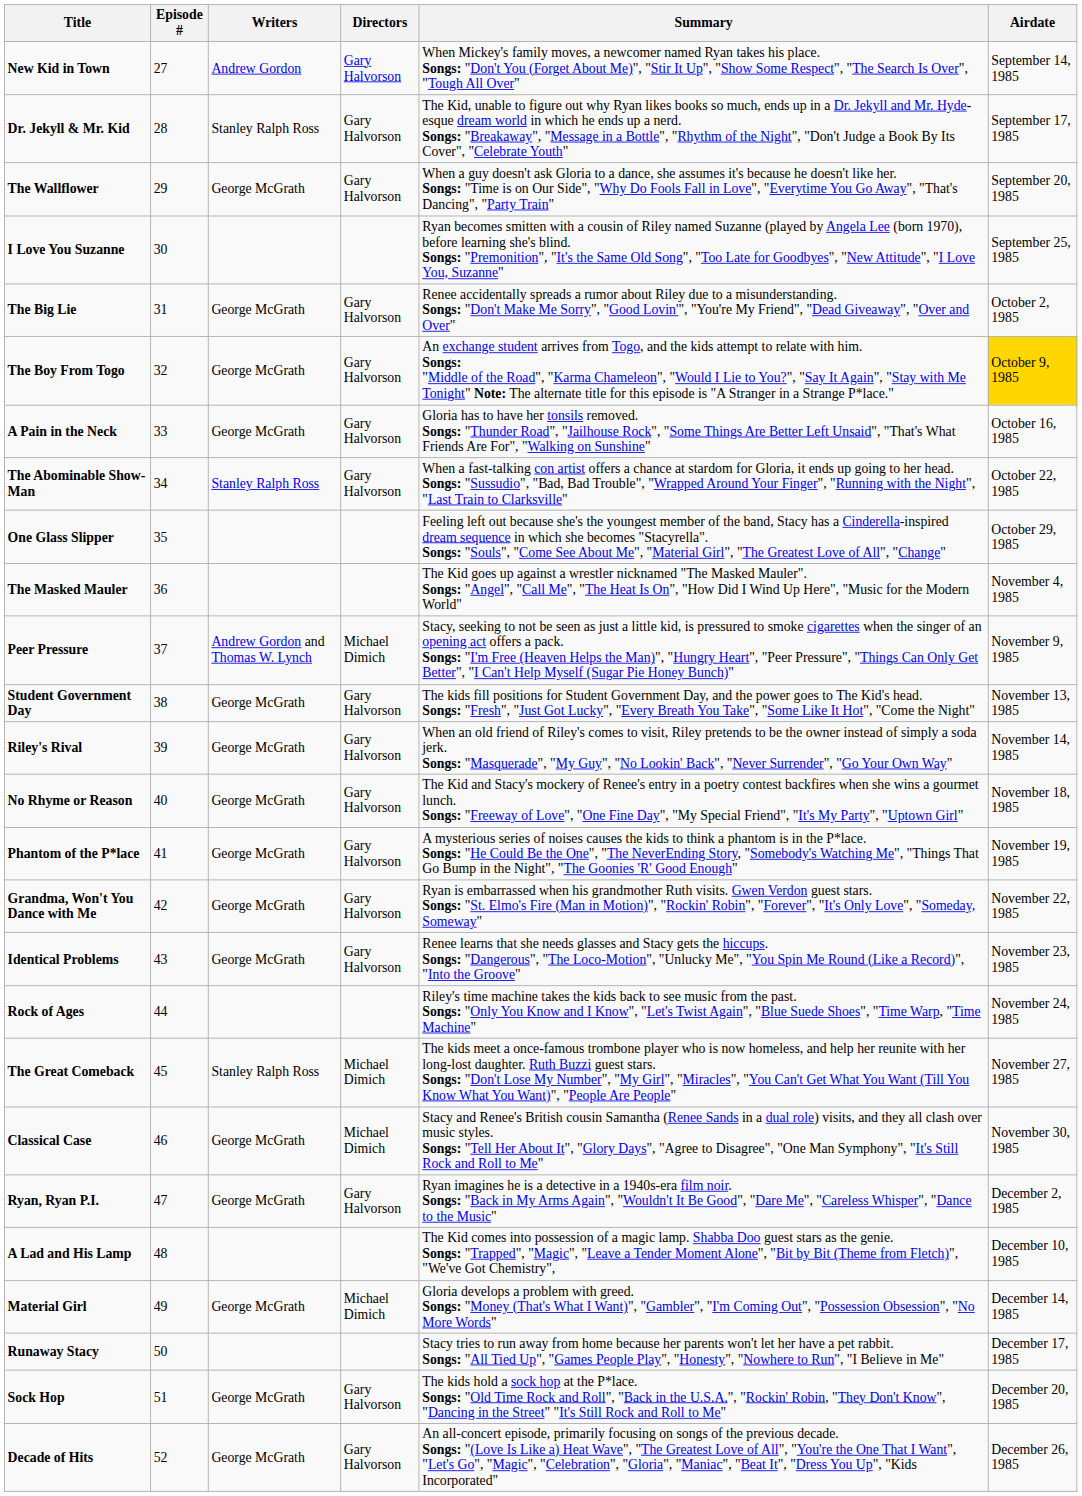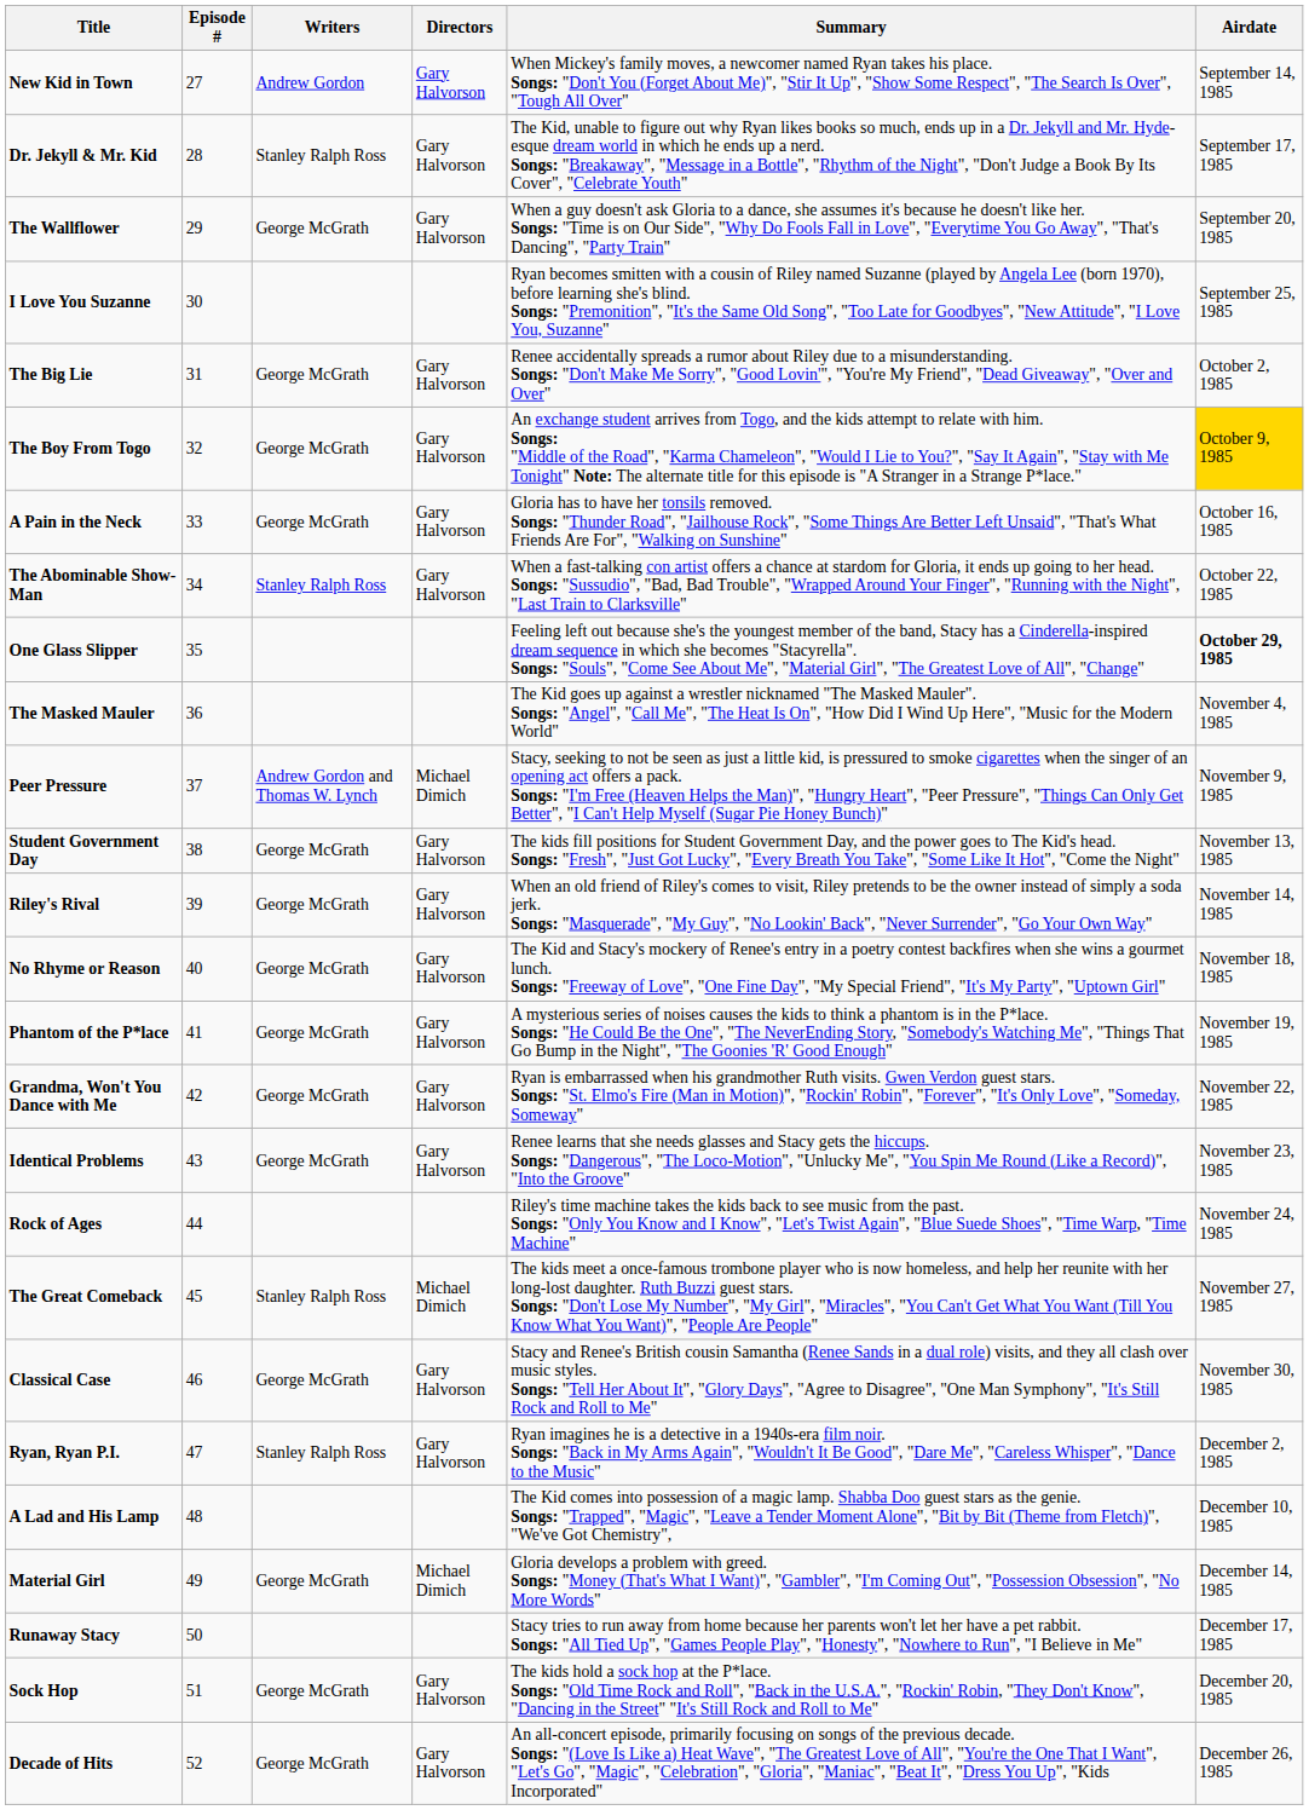 <table class="wikitable">
 <tr>
 <th>Title</th>
 <th>Episode #</th>
 <th>Writers</th>
 <th>Directors</th>
 <th>Summary</th>
 <th>Airdate</th>
 </tr>
 <tr>
 <td><strong>New Kid in Town</strong></td>
 <td>27</td>
 <td><a href='#'>Andrew Gordon</a></td>
 <td><a href='#'>Gary Halvorson</a></td>
 <td>When Mickey's family moves, a newcomer named Ryan takes his place.<br><strong>Songs:</strong> "<a href='#'>Don't You (Forget About Me)</a>", "<a href='#'>Stir It Up</a>", "<a href='#'>Show Some Respect</a>", "<a href='#'>The Search Is Over</a>", "<a href='#'>Tough All Over</a>"</td>
 <td>September 14, 1985</td>
 </tr>
 <tr>
 <td><strong>Dr. Jekyll & Mr. Kid</strong></td>
 <td>28</td>
 <td>Stanley Ralph Ross</td>
 <td>Gary Halvorson</td>
 <td>The Kid, unable to figure out why Ryan likes books so much, ends up in a <a href='#'>Dr. Jekyll and Mr. Hyde</a>-esque <a href='#'>dream world</a> in which he ends up a nerd.<br><strong>Songs:</strong> "<a href='#'>Breakaway</a>", "<a href='#'>Message in a Bottle</a>", "<a href='#'>Rhythm of the Night</a>", "Don't Judge a Book By Its Cover", "<a href='#'>Celebrate Youth</a>"</td>
 <td>September 17, 1985</td>
 </tr>
 <tr>
 <td><strong>The Wallflower</strong></td>
 <td>29</td>
 <td>George McGrath</td>
 <td>Gary Halvorson</td>
 <td>When a guy doesn't ask Gloria to a dance, she assumes it's because he doesn't like her.<br><strong>Songs:</strong> "Time is on Our Side", "<a href='#'>Why Do Fools Fall in Love</a>", "<a href='#'>Everytime You Go Away</a>", "That's Dancing", "<a href='#'>Party Train</a>"</td>
 <td>September 20, 1985</td>
 </tr>
 <tr>
 <td><strong>I Love You Suzanne</strong></td>
 <td>30</td>
 <td></td>
 <td></td>
 <td>Ryan becomes smitten with a cousin of Riley named Suzanne (played by <a href='#'>Angela Lee</a> (born 1970), before learning she's blind.<br><strong>Songs:</strong> "<a href='#'>Premonition</a>", "<a href='#'>It's the Same Old Song</a>", "<a href='#'>Too Late for Goodbyes</a>", "<a href='#'>New Attitude</a>", "<a href='#'>I Love You, Suzanne</a>"</td>
 <td>September 25, 1985</td>
 </tr>
 <tr>
 <td><strong>The Big Lie</strong></td>
 <td>31</td>
 <td>George McGrath</td>
 <td>Gary Halvorson</td>
 <td>Renee accidentally spreads a rumor about Riley due to a misunderstanding.<br><strong>Songs:</strong> "<a href='#'>Don't Make Me Sorry</a>", "<a href='#'>Good Lovin'</a>", "You're My Friend", "<a href='#'>Dead Giveaway</a>", "<a href='#'>Over and Over</a>"</td>
 <td>October 2, 1985</td>
 </tr>
 <tr>
 <td><strong>The Boy From Togo</strong></td>
 <td>32</td>
 <td>George McGrath</td>
 <td>Gary Halvorson</td>
 <td>An <a href='#'>exchange student</a> arrives from <a href='#'>Togo</a>, and the kids attempt to relate with him.<br><strong>Songs:</strong><br> "<a href='#'>Middle of the Road</a>", "<a href='#'>Karma Chameleon</a>", "<a href='#'>Would I Lie to You?</a>", "<a href='#'>Say It Again</a>", "<a href='#'>Stay with Me Tonight</a>" <strong>Note:</strong> The alternate title for this episode is "A Stranger in a Strange P*lace."</td>
 <td style="background: gold;">October 9, 1985</td>
 </tr>
 <tr>
 <td><strong>A Pain in the Neck</strong></td>
 <td>33</td>
 <td>George McGrath</td>
 <td>Gary Halvorson</td>
 <td>Gloria has to have her <a href='#'>tonsils</a> removed.<br><strong>Songs:</strong> "<a href='#'>Thunder Road</a>", "<a href='#'>Jailhouse Rock</a>", "<a href='#'>Some Things Are Better Left Unsaid</a>", "That's What Friends Are For", "<a href='#'>Walking on Sunshine</a>"</td>
 <td>October 16, 1985</td>
 </tr>
 <tr>
 <td><strong>The Abominable Show-Man</strong></td>
 <td>34</td>
 <td><a href='#'>Stanley Ralph Ross</a></td>
 <td>Gary Halvorson</td>
 <td>When a fast-talking <a href='#'>con artist</a> offers a chance at stardom for Gloria, it ends up going to her head.<br><strong>Songs:</strong> "<a href='#'>Sussudio</a>", "Bad, Bad Trouble", "<a href='#'>Wrapped Around Your Finger</a>", "<a href='#'>Running with the Night</a>", "<a href='#'>Last Train to Clarksville</a>"</td>
 <td>October 22, 1985</td>
 </tr>
 <tr>
 <td><strong>One Glass Slipper</strong></td>
 <td>35</td>
 <td></td>
 <td></td>
 <td>Feeling left out because she's the youngest member of the band, Stacy has a <a href='#'>Cinderella</a>-inspired <a href='#'>dream sequence</a> in which she becomes "Stacyrella".<br><strong>Songs:</strong> "<a href='#'>Souls</a>", "<a href='#'>Come See About Me</a>", "<a href='#'>Material Girl</a>", "<a href='#'>The Greatest Love of All</a>", "<a href='#'>Change</a>"</td>
-<td>October 29, 1985</td>
+<td><strong>October 29, 1985</strong></td>
 </tr>
 <tr>
 <td><strong>The Masked Mauler</strong></td>
 <td>36</td>
 <td></td>
 <td></td>
 <td>The Kid goes up against a wrestler nicknamed "The Masked Mauler".<br><strong>Songs:</strong> "<a href='#'>Angel</a>", "<a href='#'>Call Me</a>", "<a href='#'>The Heat Is On</a>", "How Did I Wind Up Here", "Music for the Modern World"</td>
 <td>November 4, 1985</td>
 </tr>
 <tr>
 <td><strong>Peer Pressure</strong></td>
 <td>37</td>
 <td><a href='#'>Andrew Gordon</a> and <a href='#'>Thomas W. Lynch</a></td>
 <td>Michael Dimich</td>
 <td>Stacy, seeking to not be seen as just a little kid, is pressured to smoke <a href='#'>cigarettes</a> when the singer of an <a href='#'>opening act</a> offers a pack.<br><strong>Songs:</strong> "<a href='#'>I'm Free (Heaven Helps the Man)</a>", "<a href='#'>Hungry Heart</a>", "Peer Pressure", "<a href='#'>Things Can Only Get Better</a>", "<a href='#'>I Can't Help Myself (Sugar Pie Honey Bunch)</a>"</td>
 <td>November 9, 1985</td>
 </tr>
 <tr>
 <td><strong>Student Government Day</strong></td>
 <td>38</td>
 <td>George McGrath</td>
 <td>Gary Halvorson</td>
 <td>The kids fill positions for Student Government Day, and the power goes to The Kid's head.<br><strong>Songs:</strong> "<a href='#'>Fresh</a>", "<a href='#'>Just Got Lucky</a>", "<a href='#'>Every Breath You Take</a>", "<a href='#'>Some Like It Hot</a>", "Come the Night"</td>
 <td>November 13, 1985</td>
 </tr>
 <tr>
 <td><strong>Riley's Rival</strong></td>
 <td>39</td>
 <td>George McGrath</td>
 <td>Gary Halvorson</td>
 <td>When an old friend of Riley's comes to visit, Riley pretends to be the owner instead of simply a soda jerk.<br><strong>Songs:</strong> "<a href='#'>Masquerade</a>", "<a href='#'>My Guy</a>", "<a href='#'>No Lookin' Back</a>", "<a href='#'>Never Surrender</a>", "<a href='#'>Go Your Own Way</a>"</td>
 <td>November 14, 1985</td>
 </tr>
 <tr>
 <td><strong>No Rhyme or Reason</strong></td>
 <td>40</td>
 <td>George McGrath</td>
 <td>Gary Halvorson</td>
 <td>The Kid and Stacy's mockery of Renee's entry in a poetry contest backfires when she wins a gourmet lunch.<br><strong>Songs:</strong> "<a href='#'>Freeway of Love</a>", "<a href='#'>One Fine Day</a>", "My Special Friend", "<a href='#'>It's My Party</a>", "<a href='#'>Uptown Girl</a>"</td>
 <td>November 18, 1985</td>
 </tr>
 <tr>
 <td><strong>Phantom of the P*lace</strong></td>
 <td>41</td>
 <td>George McGrath</td>
 <td>Gary Halvorson</td>
 <td>A mysterious series of noises causes the kids to think a phantom is in the P*lace.<br><strong>Songs:</strong> "<a href='#'>He Could Be the One</a>", "<a href='#'>The NeverEnding Story</a>, "<a href='#'>Somebody's Watching Me</a>", "Things That Go Bump in the Night", "<a href='#'>The Goonies 'R' Good Enough</a>"</td>
 <td>November 19, 1985</td>
 </tr>
 <tr>
 <td><strong>Grandma, Won't You Dance with Me</strong></td>
 <td>42</td>
 <td>George McGrath</td>
 <td>Gary Halvorson</td>
 <td>Ryan is embarrassed when his grandmother Ruth visits. <a href='#'>Gwen Verdon</a> guest stars.<br><strong>Songs:</strong> "<a href='#'>St. Elmo's Fire (Man in Motion)</a>", "<a href='#'>Rockin' Robin</a>", "<a href='#'>Forever</a>", "<a href='#'>It's Only Love</a>", "<a href='#'>Someday, Someway</a>"</td>
 <td>November 22, 1985</td>
 </tr>
 <tr>
 <td><strong>Identical Problems</strong></td>
 <td>43</td>
 <td>George McGrath</td>
 <td>Gary Halvorson</td>
 <td>Renee learns that she needs glasses and Stacy gets the <a href='#'>hiccups</a>.<br><strong>Songs:</strong> "<a href='#'>Dangerous</a>", "<a href='#'>The Loco-Motion</a>", "Unlucky Me", "<a href='#'>You Spin Me Round (Like a Record)</a>", "<a href='#'>Into the Groove</a>"</td>
 <td>November 23, 1985</td>
 </tr>
 <tr>
 <td><strong>Rock of Ages</strong></td>
 <td>44</td>
 <td></td>
 <td></td>
 <td>Riley's time machine takes the kids back to see music from the past.<br><strong>Songs:</strong> "<a href='#'>Only You Know and I Know</a>", "<a href='#'>Let's Twist Again</a>", "<a href='#'>Blue Suede Shoes</a>", "<a href='#'>Time Warp</a>, "<a href='#'>Time Machine</a>"</td>
 <td>November 24, 1985</td>
 </tr>
 <tr>
 <td><strong>The Great Comeback</strong></td>
 <td>45</td>
 <td>Stanley Ralph Ross</td>
 <td>Michael Dimich</td>
 <td>The kids meet a once-famous trombone player who is now homeless, and help her reunite with her long-lost daughter. <a href='#'>Ruth Buzzi</a> guest stars.<br><strong>Songs:</strong> "<a href='#'>Don't Lose My Number</a>", "<a href='#'>My Girl</a>", "<a href='#'>Miracles</a>", "<a href='#'>You Can't Get What You Want (Till You Know What You Want)</a>", "<a href='#'>People Are People</a>"</td>
 <td>November 27, 1985</td>
 </tr>
 <tr>
 <td><strong>Classical Case</strong></td>
 <td>46</td>
 <td>George McGrath</td>
-<td>Michael Dimich</td>
+<td>Gary Halvorson</td>
 <td>Stacy and Renee's British cousin Samantha (<a href='#'>Renee Sands</a> in a <a href='#'>dual role</a>) visits, and they all clash over music styles.<br><strong>Songs:</strong> "<a href='#'>Tell Her About It</a>", "<a href='#'>Glory Days</a>", "Agree to Disagree", "One Man Symphony", "<a href='#'>It's Still Rock and Roll to Me</a>"</td>
 <td>November 30, 1985</td>
 </tr>
 <tr>
 <td><strong>Ryan, Ryan P.I.</strong></td>
 <td>47</td>
-<td>George McGrath</td>
+<td>Stanley Ralph Ross</td>
 <td>Gary Halvorson</td>
 <td>Ryan imagines he is a detective in a 1940s-era <a href='#'>film noir</a>.<br><strong>Songs:</strong> "<a href='#'>Back in My Arms Again</a>", "<a href='#'>Wouldn't It Be Good</a>", "<a href='#'>Dare Me</a>", "<a href='#'>Careless Whisper</a>", "<a href='#'>Dance to the Music</a>"</td>
 <td>December 2, 1985</td>
 </tr>
 <tr>
 <td><strong>A Lad and His Lamp</strong></td>
 <td>48</td>
 <td></td>
 <td></td>
 <td>The Kid comes into possession of a magic lamp. <a href='#'>Shabba Doo</a> guest stars as the genie.<br><strong>Songs:</strong> "<a href='#'>Trapped</a>", "<a href='#'>Magic</a>", "<a href='#'>Leave a Tender Moment Alone</a>", "<a href='#'>Bit by Bit (Theme from Fletch)</a>", "We've Got Chemistry",</td>
 <td>December 10, 1985</td>
 </tr>
 <tr>
 <td><strong>Material Girl</strong></td>
 <td>49</td>
 <td>George McGrath</td>
 <td>Michael Dimich</td>
 <td>Gloria develops a problem with greed.<br><strong>Songs:</strong> "<a href='#'>Money (That's What I Want)</a>", "<a href='#'>Gambler</a>", "<a href='#'>I'm Coming Out</a>", "<a href='#'>Possession Obsession</a>", "<a href='#'>No More Words</a>"</td>
 <td>December 14, 1985</td>
 </tr>
 <tr>
 <td><strong>Runaway Stacy</strong></td>
 <td>50</td>
 <td></td>
 <td></td>
 <td>Stacy tries to run away from home because her parents won't let her have a pet rabbit.<br><strong>Songs:</strong> "<a href='#'>All Tied Up</a>", "<a href='#'>Games People Play</a>", "<a href='#'>Honesty</a>", "<a href='#'>Nowhere to Run</a>", "I Believe in Me"</td>
 <td>December 17, 1985</td>
 </tr>
 <tr>
 <td><strong>Sock Hop</strong></td>
 <td>51</td>
 <td>George McGrath</td>
 <td>Gary Halvorson</td>
 <td>The kids hold a <a href='#'>sock hop</a> at the P*lace.<br><strong>Songs:</strong> "<a href='#'>Old Time Rock and Roll</a>", "<a href='#'>Back in the U.S.A.</a>", "<a href='#'>Rockin' Robin</a>, "<a href='#'>They Don't Know</a>", "<a href='#'>Dancing in the Street</a>" "<a href='#'>It's Still Rock and Roll to Me</a>"</td>
 <td>December 20, 1985</td>
 </tr>
 <tr>
 <td><strong>Decade of Hits</strong></td>
 <td>52</td>
 <td>George McGrath</td>
 <td>Gary Halvorson</td>
 <td>An all-concert episode, primarily focusing on songs of the previous decade.<br><strong>Songs:</strong> "<a href='#'>(Love Is Like a) Heat Wave</a>", "<a href='#'>The Greatest Love of All</a>", "<a href='#'>You're the One That I Want</a>", "<a href='#'>Let's Go</a>", "<a href='#'>Magic</a>", "<a href='#'>Celebration</a>", "<a href='#'>Gloria</a>", "<a href='#'>Maniac</a>", "<a href='#'>Beat It</a>", "<a href='#'>Dress You Up</a>", "Kids Incorporated"</td>
 <td>December 26, 1985</td>
 </tr>
 </table>
